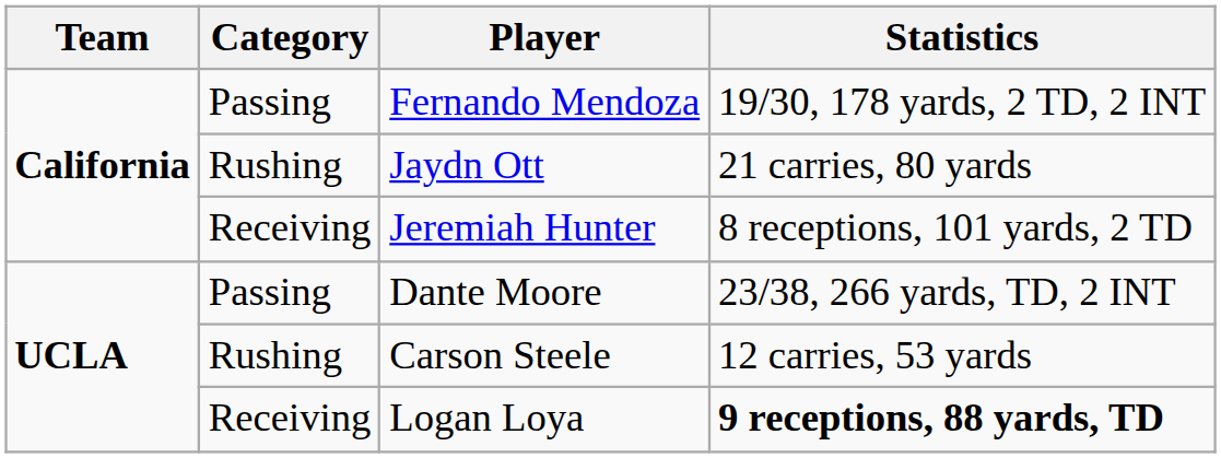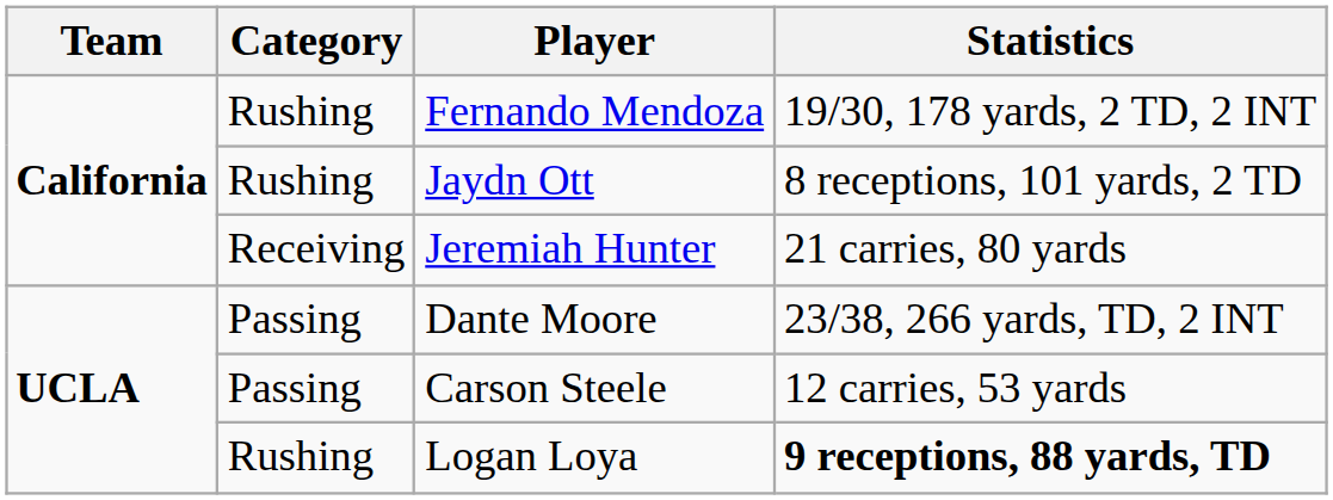 <table class="wikitable" style="float: right;">
 <tr>
 <th>Team</th>
 <th>Category</th>
 <th>Player</th>
 <th>Statistics</th>
 </tr>
 <tr>
 <td rowspan=3><strong>California</strong></td>
-<td>Passing</td>
+<td>Rushing</td>
 <td><a href='#'>Fernando Mendoza</a></td>
 <td>19/30, 178 yards, 2 TD, 2 INT</td>
 </tr>
 <tr>
 <td>Rushing</td>
 <td><a href='#'>Jaydn Ott</a></td>
-<td>21 carries, 80 yards</td>
+<td>8 receptions, 101 yards, 2 TD</td>
 </tr>
 <tr>
 <td>Receiving</td>
 <td><a href='#'>Jeremiah Hunter</a></td>
-<td>8 receptions, 101 yards, 2 TD</td>
+<td>21 carries, 80 yards</td>
 </tr>
 <tr>
 <td rowspan=3><strong>UCLA</strong></td>
 <td>Passing</td>
 <td>Dante Moore</td>
 <td>23/38, 266 yards, TD, 2 INT</td>
 </tr>
 <tr>
-<td>Rushing</td>
+<td>Passing</td>
 <td>Carson Steele</td>
 <td>12 carries, 53 yards</td>
 </tr>
 <tr>
-<td>Receiving</td>
+<td>Rushing</td>
 <td>Logan Loya</td>
 <td><strong>9 receptions, 88 yards, TD</strong></td>
 </tr>
 </table>
